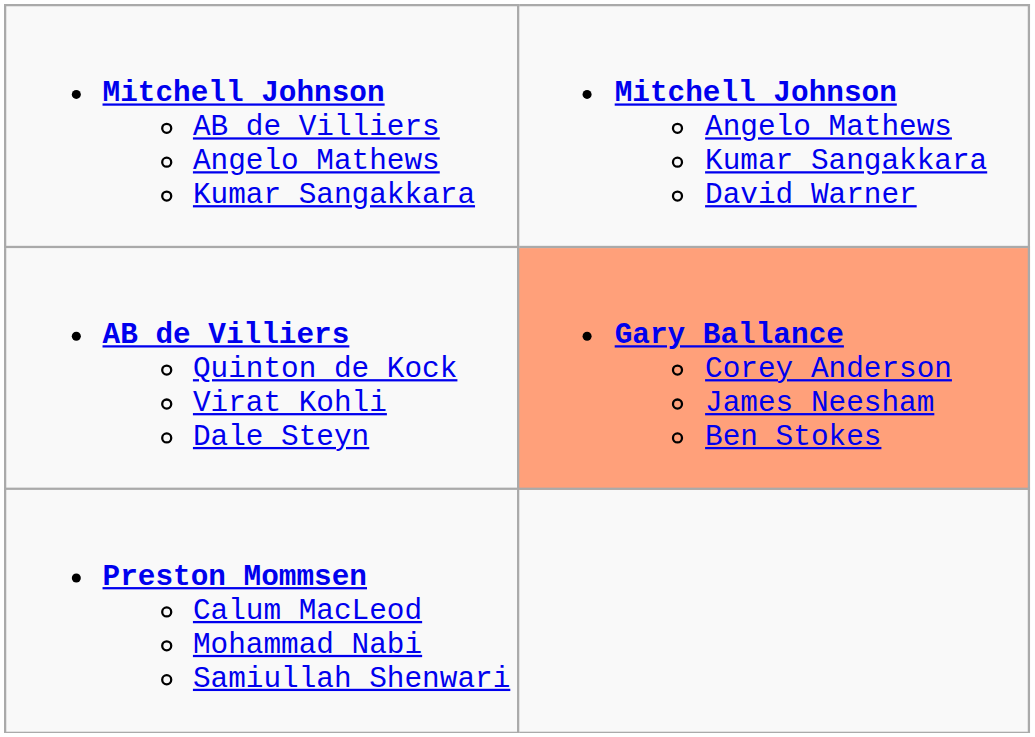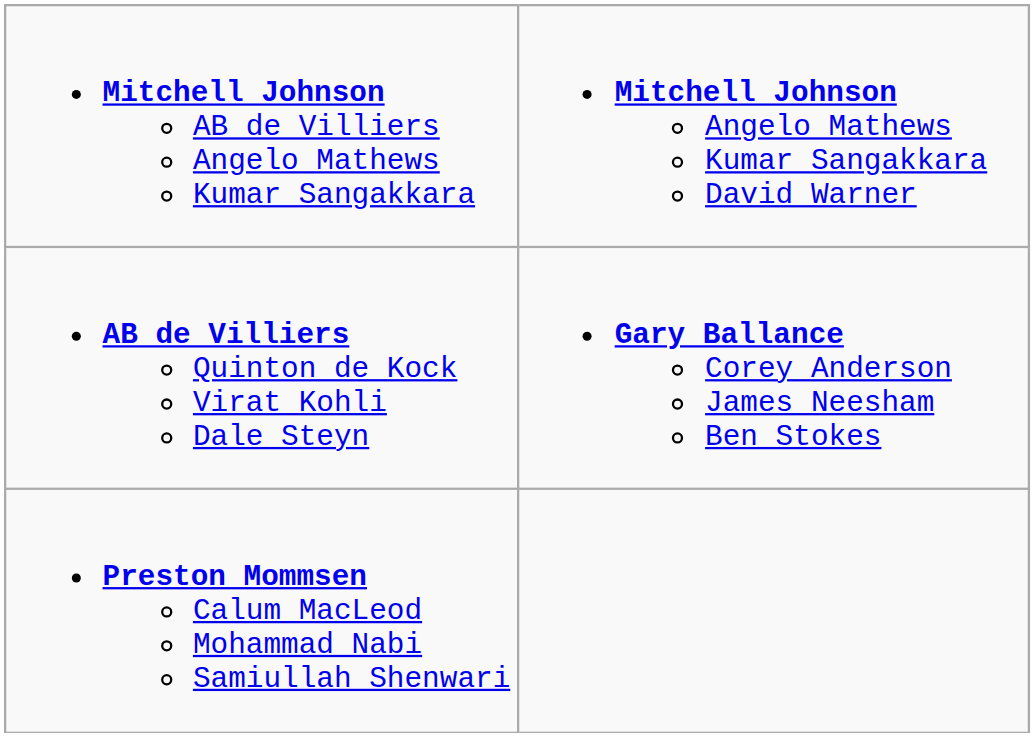 <table class=wikitable>
 <tr>
 <td valign="top" width="50%"><br><ul><li><strong> <a href='#'>Mitchell Johnson</a></strong><ul><li> <a href='#'>AB de Villiers</a></li><li> <a href='#'>Angelo Mathews</a></li><li> <a href='#'>Kumar Sangakkara</a></li></ul></li></ul></td>
 <td valign="top" width="50%"><br><ul><li><strong> <a href='#'>Mitchell Johnson</a></strong><ul><li> <a href='#'>Angelo Mathews</a></li><li> <a href='#'>Kumar Sangakkara</a></li><li> <a href='#'>David Warner</a></li></ul></li></ul></td>
 </tr>
 <tr>
 <td valign="top" width="50%"><br><ul><li><strong> <a href='#'>AB de Villiers</a></strong><ul><li> <a href='#'>Quinton de Kock</a></li><li> <a href='#'>Virat Kohli</a></li><li> <a href='#'>Dale Steyn</a></li></ul></li></ul></td>
-<td valign="top" width="50%" style="background: lightsalmon;"><br><ul><li><strong> <a href='#'>Gary Ballance</a></strong><ul><li> <a href='#'>Corey Anderson</a></li><li> <a href='#'>James Neesham</a></li><li> <a href='#'>Ben Stokes</a></li></ul></li></ul></td>
+<td valign="top" width="50%"><br><ul><li><strong> <a href='#'>Gary Ballance</a></strong><ul><li> <a href='#'>Corey Anderson</a></li><li> <a href='#'>James Neesham</a></li><li> <a href='#'>Ben Stokes</a></li></ul></li></ul></td>
 </tr>
 <tr>
 <td valign="top" width="50%"><br><ul><li><strong> <a href='#'>Preston Mommsen</a></strong><ul><li> <a href='#'>Calum MacLeod</a></li><li> <a href='#'>Mohammad Nabi</a></li><li> <a href='#'>Samiullah Shenwari</a></li></ul></li></ul></td>
 </tr>
 </table>
